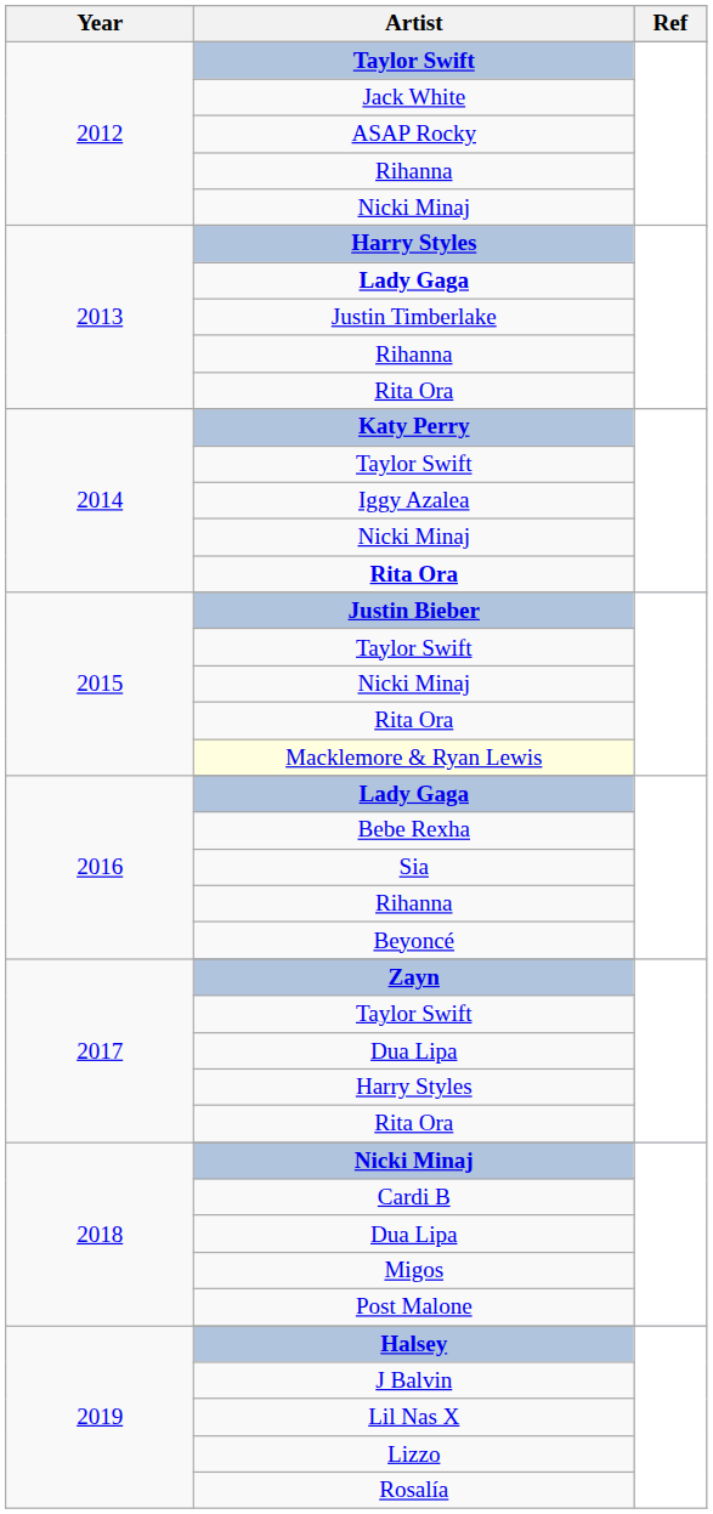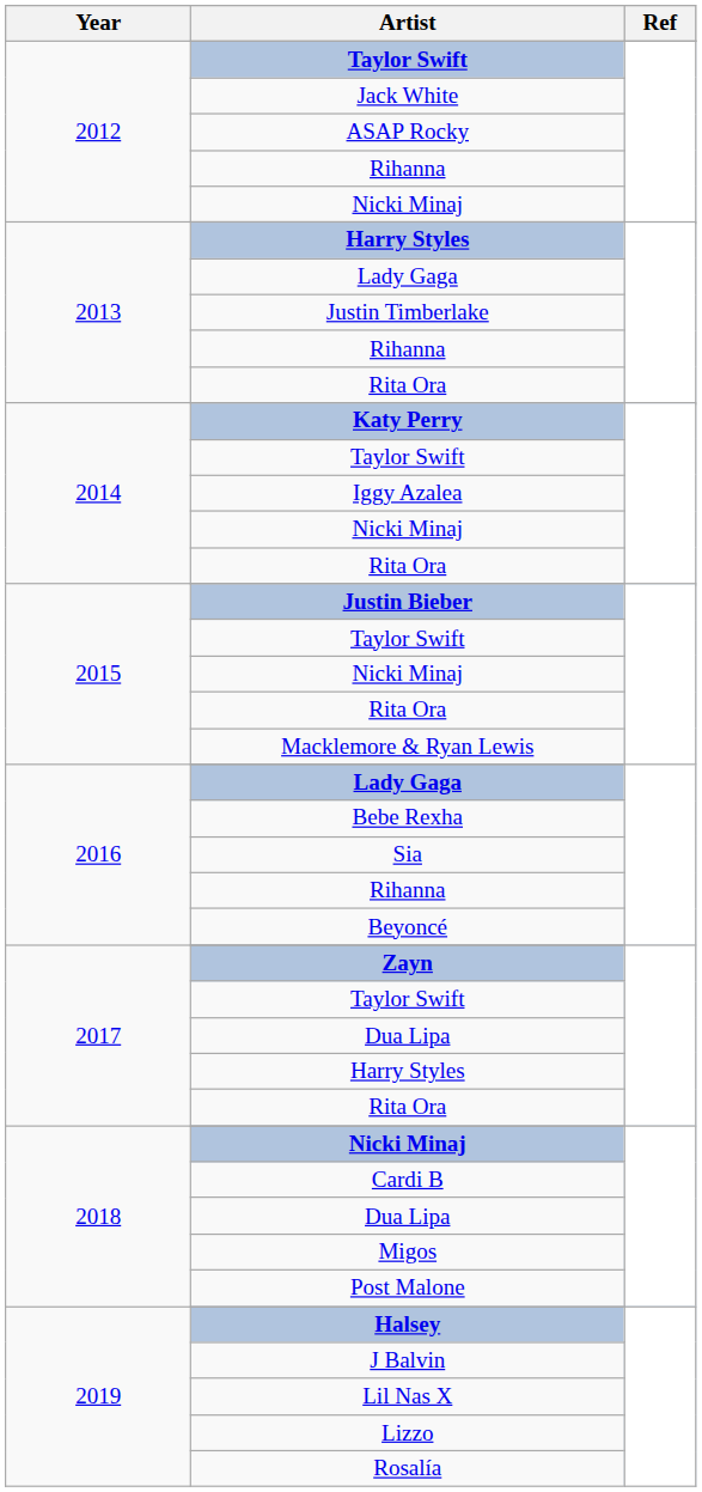 <table class="wikitable" style="width:55%;">
 <tr style="background:#bebebe;">
 <th style="width:15%;">Year</th>
 <th style="width:35%;">Artist</th>
 <th style="width:5%;">Ref</th>
 </tr>
 <tr>
 <td rowspan="6" align="center"><a href='#'>2012</a></td>
 </tr>
 <tr style="background:#B0C4DE">
 <td align="center"><strong><a href='#'>Taylor Swift</a></strong></td>
 <td rowspan=6 style="background:#ffffff"></td>
 </tr>
 <tr>
 <td align="center"><a href='#'>Jack White</a></td>
 </tr>
 <tr>
 <td align="center"><a href='#'>ASAP Rocky</a></td>
 </tr>
 <tr>
 <td align="center"><a href='#'>Rihanna</a></td>
 </tr>
 <tr>
 <td align="center"><a href='#'>Nicki Minaj</a></td>
 </tr>
 <tr>
 <td rowspan="6" align="center"><a href='#'>2013</a></td>
 </tr>
 <tr style="background:#B0C4DE">
 <td align="center"><strong><a href='#'>Harry Styles</a></strong></td>
 <td rowspan=6 style="background:#ffffff"></td>
 </tr>
 <tr>
-<td align="center"><strong><a href='#'>Lady Gaga</a></strong></td>
+<td align="center"><a href='#'>Lady Gaga</a></td>
 </tr>
 <tr>
 <td align="center"><a href='#'>Justin Timberlake</a></td>
 </tr>
 <tr>
 <td align="center"><a href='#'>Rihanna</a></td>
 </tr>
 <tr>
 <td align="center"><a href='#'>Rita Ora</a></td>
 </tr>
 <tr>
 <td rowspan="6" align="center"><a href='#'>2014</a></td>
 </tr>
 <tr style="background:#B0C4DE">
 <td align="center"><strong><a href='#'>Katy Perry</a></strong></td>
 <td rowspan=6 style="background:#ffffff"></td>
 </tr>
 <tr>
 <td align="center"><a href='#'>Taylor Swift</a></td>
 </tr>
 <tr>
 <td align="center"><a href='#'>Iggy Azalea</a></td>
 </tr>
 <tr>
 <td align="center"><a href='#'>Nicki Minaj</a></td>
 </tr>
 <tr>
-<td align="center"><strong><a href='#'>Rita Ora</a></strong></td>
+<td align="center"><a href='#'>Rita Ora</a></td>
 </tr>
 <tr>
 <td rowspan="6" align="center"><a href='#'>2015</a></td>
 </tr>
 <tr style="background:#B0C4DE">
 <td align="center"><strong><a href='#'>Justin Bieber</a></strong></td>
 <td rowspan=6 style="background:#ffffff"></td>
 </tr>
 <tr>
 <td align="center"><a href='#'>Taylor Swift</a></td>
 </tr>
 <tr>
 <td align="center"><a href='#'>Nicki Minaj</a></td>
 </tr>
 <tr>
 <td align="center"><a href='#'>Rita Ora</a></td>
 </tr>
 <tr>
-<td align="center" style="background: lightyellow;"><a href='#'>Macklemore & Ryan Lewis</a></td>
+<td align="center"><a href='#'>Macklemore & Ryan Lewis</a></td>
 </tr>
 <tr>
 <td rowspan="6" align="center"><a href='#'>2016</a></td>
 </tr>
 <tr style="background:#B0C4DE">
 <td align="center"><strong><a href='#'>Lady Gaga</a></strong></td>
 <td rowspan=6 style="background:#ffffff"></td>
 </tr>
 <tr>
 <td align="center"><a href='#'>Bebe Rexha</a></td>
 </tr>
 <tr>
 <td align="center"><a href='#'>Sia</a></td>
 </tr>
 <tr>
 <td align="center"><a href='#'>Rihanna</a></td>
 </tr>
 <tr>
 <td align="center"><a href='#'>Beyoncé</a></td>
 </tr>
 <tr>
 <td rowspan="6" align="center"><a href='#'>2017</a></td>
 </tr>
 <tr style="background:#B0C4DE">
 <td align="center"><strong><a href='#'>Zayn</a></strong></td>
 <td rowspan=6 style="background:#ffffff"></td>
 </tr>
 <tr>
 <td align="center"><a href='#'>Taylor Swift</a></td>
 </tr>
 <tr>
 <td align="center"><a href='#'>Dua Lipa</a></td>
 </tr>
 <tr>
 <td align="center"><a href='#'>Harry Styles</a></td>
 </tr>
 <tr>
 <td align="center"><a href='#'>Rita Ora</a></td>
 </tr>
 <tr>
 <td rowspan="6" align="center"><a href='#'>2018</a></td>
 </tr>
 <tr style="background:#B0C4DE">
 <td align="center"><strong><a href='#'>Nicki Minaj</a></strong></td>
 <td rowspan=6 style="background:#ffffff"></td>
 </tr>
 <tr>
 <td align="center"><a href='#'>Cardi B</a></td>
 </tr>
 <tr>
 <td align="center"><a href='#'>Dua Lipa</a></td>
 </tr>
 <tr>
 <td align="center"><a href='#'>Migos</a></td>
 </tr>
 <tr>
 <td align="center"><a href='#'>Post Malone</a></td>
 </tr>
 <tr>
 <td rowspan="6" align="center"><a href='#'>2019</a></td>
 </tr>
 <tr style="background:#B0C4DE">
 <td align="center"><strong><a href='#'>Halsey</a></strong></td>
 <td rowspan=6 style="background:#ffffff"></td>
 </tr>
 <tr>
 <td align="center"><a href='#'>J Balvin</a></td>
 </tr>
 <tr>
 <td align="center"><a href='#'>Lil Nas X</a></td>
 </tr>
 <tr>
 <td align="center"><a href='#'>Lizzo</a></td>
 </tr>
 <tr>
 <td align="center"><a href='#'>Rosalía</a></td>
 </tr>
 </table>
